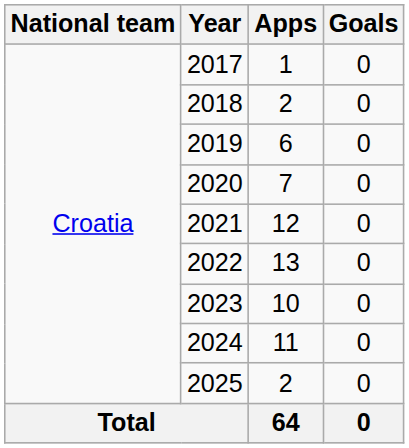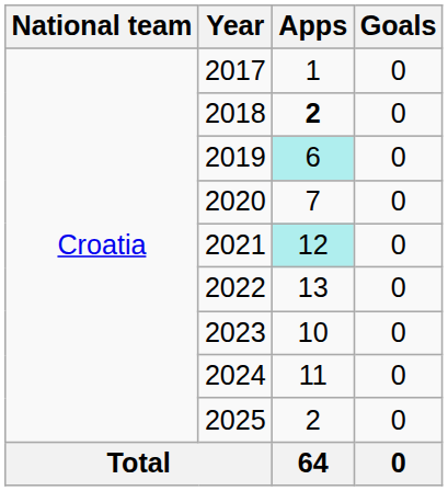 <table class="wikitable" style="text-align:center">
 <tr>
 <th>National team</th>
 <th>Year</th>
 <th>Apps</th>
 <th>Goals</th>
 </tr>
 <tr>
 <td rowspan="9"><a href='#'>Croatia</a></td>
 <td>2017</td>
 <td>1</td>
 <td>0</td>
 </tr>
 <tr>
 <td>2018</td>
-<td>2</td>
+<td><strong>2</strong></td>
 <td>0</td>
 </tr>
 <tr>
 <td>2019</td>
-<td>6</td>
+<td style="background: paleturquoise;">6</td>
 <td>0</td>
 </tr>
 <tr>
 <td>2020</td>
 <td>7</td>
 <td>0</td>
 </tr>
 <tr>
 <td>2021</td>
-<td>12</td>
+<td style="background: paleturquoise;">12</td>
 <td>0</td>
 </tr>
 <tr>
 <td>2022</td>
 <td>13</td>
 <td>0</td>
 </tr>
 <tr>
 <td>2023</td>
 <td>10</td>
 <td>0</td>
 </tr>
 <tr>
 <td>2024</td>
 <td>11</td>
 <td>0</td>
 </tr>
 <tr>
 <td>2025</td>
 <td>2</td>
 <td>0</td>
 </tr>
 <tr>
 <th colspan="2">Total</th>
 <th>64</th>
 <th>0</th>
 </tr>
 </table>
